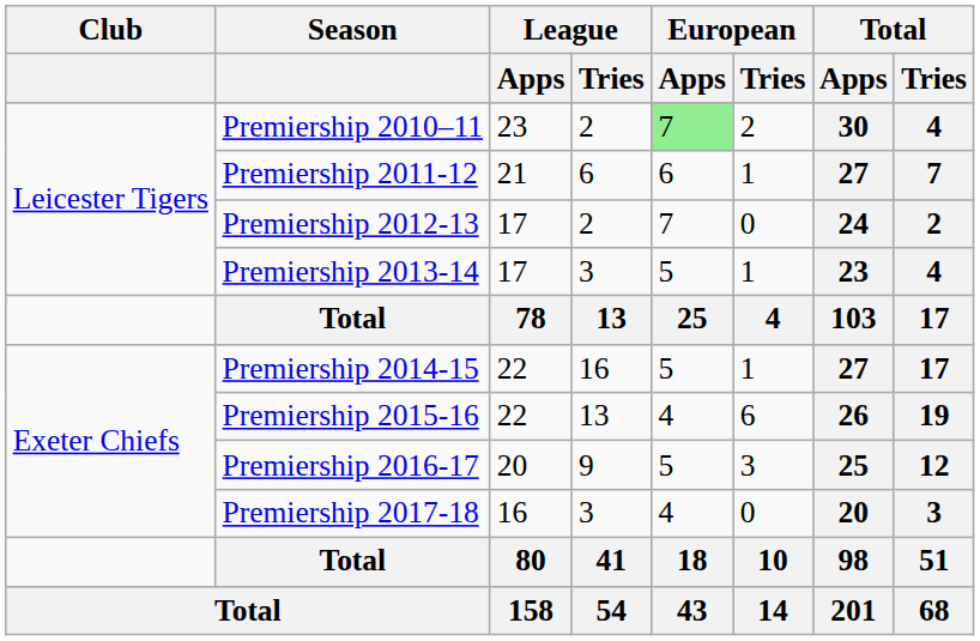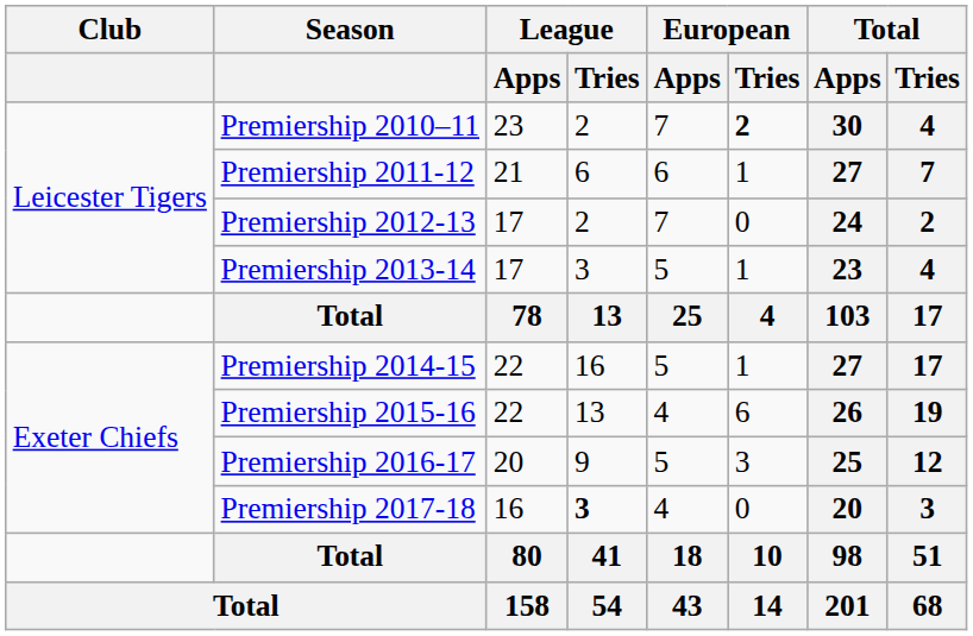 <table class="wikitable mw-collapsible">
 <tr>
 <th><strong>Club</strong></th>
 <th><strong>Season</strong></th>
 <th colspan="2"><strong>League</strong></th>
 <th colspan="2"><strong>European</strong></th>
 <th colspan="2">Total</th>
 </tr>
 <tr>
 <th></th>
 <th></th>
 <th><strong>Apps</strong></th>
 <th><strong>Tries</strong></th>
 <th><strong>Apps</strong></th>
 <th><strong>Tries</strong></th>
 <th>Apps</th>
 <th>Tries</th>
 </tr>
 <tr>
 <td rowspan="4"><a href='#'>Leicester Tigers</a></td>
 <td><a href='#'>Premiership 2010–11</a></td>
 <td>23</td>
 <td>2</td>
-<td style="background: lightgreen;">7</td>
-<td>2</td>
+<td>7</td>
+<td><strong>2</strong></td>
 <th>30</th>
 <th>4</th>
 </tr>
 <tr>
 <td><a href='#'>Premiership 2011-12</a></td>
 <td>21</td>
 <td>6</td>
 <td>6</td>
 <td>1</td>
 <th>27</th>
 <th>7</th>
 </tr>
 <tr>
 <td><a href='#'>Premiership 2012-13</a></td>
 <td>17</td>
 <td>2</td>
 <td>7</td>
 <td>0</td>
 <th>24</th>
 <th>2</th>
 </tr>
 <tr>
 <td><a href='#'>Premiership 2013-14</a></td>
 <td>17</td>
 <td>3</td>
 <td>5</td>
 <td>1</td>
 <th>23</th>
 <th>4</th>
 </tr>
 <tr>
 <td></td>
 <th>Total</th>
 <th>78</th>
 <th>13</th>
 <th>25</th>
 <th>4</th>
 <th>103</th>
 <th>17</th>
 </tr>
 <tr>
 <td rowspan="4"><a href='#'>Exeter Chiefs</a></td>
 <td><a href='#'>Premiership 2014-15</a></td>
 <td>22</td>
 <td>16</td>
 <td>5</td>
 <td>1</td>
 <th>27</th>
 <th>17</th>
 </tr>
 <tr>
 <td><a href='#'>Premiership 2015-16</a></td>
 <td>22</td>
 <td>13</td>
 <td>4</td>
 <td>6</td>
 <th>26</th>
 <th>19</th>
 </tr>
 <tr>
 <td><a href='#'>Premiership 2016-17</a></td>
 <td>20</td>
 <td>9</td>
 <td>5</td>
 <td>3</td>
 <th>25</th>
 <th>12</th>
 </tr>
 <tr>
 <td><a href='#'>Premiership 2017-18</a></td>
 <td>16</td>
-<td>3</td>
+<td><strong>3</strong></td>
 <td>4</td>
 <td>0</td>
 <th>20</th>
 <th>3</th>
 </tr>
 <tr>
 <td></td>
 <th>Total</th>
 <th>80</th>
 <th>41</th>
 <th>18</th>
 <th>10</th>
 <th>98</th>
 <th>51</th>
 </tr>
 <tr>
 <th colspan="2">Total</th>
 <th>158</th>
 <th>54</th>
 <th>43</th>
 <th>14</th>
 <th>201</th>
 <th>68</th>
 </tr>
 </table>
